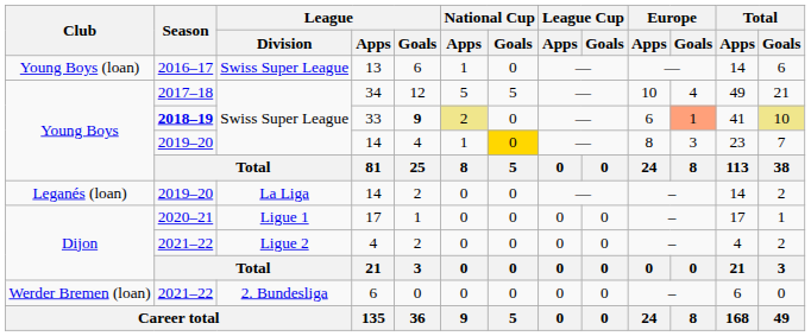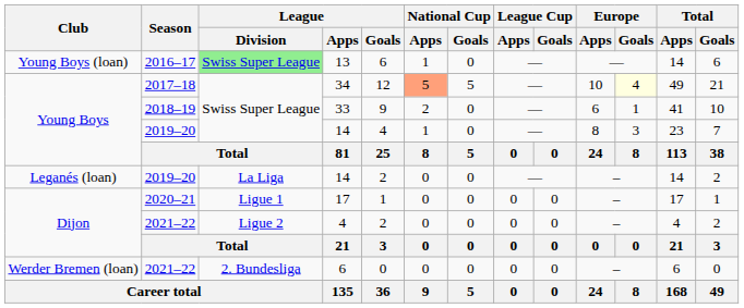 <table class="wikitable" style="text-align:center">
 <tr>
 <th rowspan="2">Club</th>
 <th rowspan="2">Season</th>
 <th colspan="3">League</th>
 <th colspan="2">National Cup</th>
 <th colspan="2">League Cup</th>
 <th colspan="2">Europe</th>
 <th colspan="2">Total</th>
 </tr>
 <tr>
 <th>Division</th>
 <th>Apps</th>
 <th>Goals</th>
 <th>Apps</th>
 <th>Goals</th>
 <th>Apps</th>
 <th>Goals</th>
 <th>Apps</th>
 <th>Goals</th>
 <th>Apps</th>
 <th>Goals</th>
 </tr>
 <tr>
 <td><a href='#'>Young Boys</a> (loan)</td>
 <td><a href='#'>2016–17</a></td>
-<td><a href='#'>Swiss Super League</a></td>
+<td style="background: lightgreen;"><a href='#'>Swiss Super League</a></td>
 <td>13</td>
 <td>6</td>
 <td>1</td>
 <td>0</td>
 <td colspan="2">—</td>
 <td colspan="2">—</td>
 <td>14</td>
 <td>6</td>
 </tr>
 <tr>
 <td rowspan="4"><a href='#'>Young Boys</a></td>
 <td><a href='#'>2017–18</a></td>
 <td rowspan="3">Swiss Super League</td>
 <td>34</td>
 <td>12</td>
-<td>5</td>
+<td style="background: lightsalmon;">5</td>
 <td>5</td>
 <td colspan="2">—</td>
 <td>10</td>
-<td>4</td>
+<td style="background: lightyellow;">4</td>
 <td>49</td>
 <td>21</td>
 </tr>
 <tr>
-<td><strong><a href='#'>2018–19</a></strong></td>
+<td><a href='#'>2018–19</a></td>
 <td>33</td>
-<td><strong>9</strong></td>
-<td style="background: khaki;">2</td>
+<td>9</td>
+<td>2</td>
 <td>0</td>
 <td colspan="2">—</td>
 <td>6</td>
-<td style="background: lightsalmon;">1</td>
+<td>1</td>
 <td>41</td>
-<td style="background: khaki;">10</td>
+<td>10</td>
 </tr>
 <tr>
 <td><a href='#'>2019–20</a></td>
 <td>14</td>
 <td>4</td>
 <td>1</td>
-<td style="background: gold;">0</td>
+<td>0</td>
 <td colspan="2">—</td>
 <td>8</td>
 <td>3</td>
 <td>23</td>
 <td>7</td>
 </tr>
 <tr>
 <th colspan="2">Total</th>
 <th>81</th>
 <th>25</th>
 <th>8</th>
 <th>5</th>
 <th>0</th>
 <th>0</th>
 <th>24</th>
 <th>8</th>
 <th>113</th>
 <th>38</th>
 </tr>
 <tr>
 <td><a href='#'>Leganés</a> (loan)</td>
 <td><a href='#'>2019–20</a></td>
 <td><a href='#'>La Liga</a></td>
 <td>14</td>
 <td>2</td>
 <td>0</td>
 <td>0</td>
 <td colspan="2">—</td>
 <td colspan="2">–</td>
 <td>14</td>
 <td>2</td>
 </tr>
 <tr>
 <td rowspan="3"><a href='#'>Dijon</a></td>
 <td><a href='#'>2020–21</a></td>
 <td><a href='#'>Ligue 1</a></td>
 <td>17</td>
 <td>1</td>
 <td>0</td>
 <td>0</td>
 <td>0</td>
 <td>0</td>
 <td colspan="2">–</td>
 <td>17</td>
 <td>1</td>
 </tr>
 <tr>
 <td><a href='#'>2021–22</a></td>
 <td><a href='#'>Ligue 2</a></td>
 <td>4</td>
 <td>2</td>
 <td>0</td>
 <td>0</td>
 <td>0</td>
 <td>0</td>
 <td colspan="2">–</td>
 <td>4</td>
 <td>2</td>
 </tr>
 <tr>
 <th colspan="2">Total</th>
 <th>21</th>
 <th>3</th>
 <th>0</th>
 <th>0</th>
 <th>0</th>
 <th>0</th>
 <th>0</th>
 <th>0</th>
 <th>21</th>
 <th>3</th>
 </tr>
 <tr>
 <td><a href='#'>Werder Bremen</a> (loan)</td>
 <td><a href='#'>2021–22</a></td>
 <td><a href='#'>2. Bundesliga</a></td>
 <td>6</td>
 <td>0</td>
 <td>0</td>
 <td>0</td>
 <td>0</td>
 <td>0</td>
 <td colspan="2">–</td>
 <td>6</td>
 <td>0</td>
 </tr>
 <tr>
 <th colspan="3">Career total</th>
 <th>135</th>
 <th>36</th>
 <th>9</th>
 <th>5</th>
 <th>0</th>
 <th>0</th>
 <th>24</th>
 <th>8</th>
 <th>168</th>
 <th>49</th>
 </tr>
 </table>
